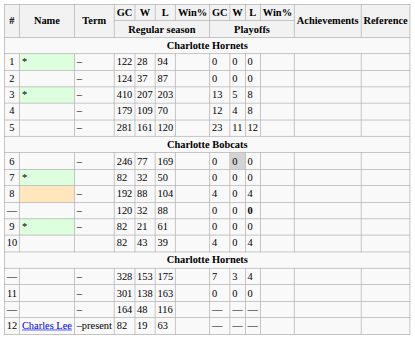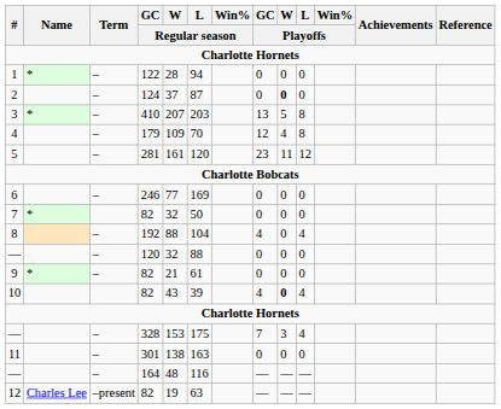 <table class="wikitable sortable">
 <tr>
 <th rowspan="2">#</th>
 <th rowspan="2">Name</th>
 <th rowspan="2">Term</th>
 <th>GC</th>
 <th>W</th>
 <th>L</th>
 <th>Win%</th>
 <th>GC</th>
 <th>W</th>
 <th>L</th>
 <th>Win%</th>
 <th rowspan="2" class=unsortable>Achievements</th>
 <th rowspan="2" class=unsortable>Reference</th>
 </tr>
 <tr class="unsortable">
 <th colspan="4">Regular season</th>
 <th colspan="4">Playoffs</th>
 </tr>
 <tr>
 <td align=center colspan="16"><strong>Charlotte Hornets</strong></td>
 </tr>
 <tr>
 <td align=center>1</td>
 <td style="background:#dfd;">*</td>
 <td>–</td>
 <td>122</td>
 <td>28</td>
 <td>94</td>
 <td></td>
 <td>0</td>
 <td>0</td>
 <td>0</td>
 <td></td>
 <td></td>
 <td align=center></td>
 </tr>
 <tr>
 <td align=center>2</td>
 <td></td>
 <td>–</td>
 <td>124</td>
 <td>37</td>
 <td>87</td>
 <td></td>
 <td>0</td>
-<td>0</td>
+<td><strong>0</strong></td>
 <td>0</td>
 <td></td>
 <td></td>
 <td align=center></td>
 </tr>
 <tr>
 <td align=center>3</td>
 <td style="background:#dfd;">*</td>
 <td>–</td>
 <td>410</td>
 <td>207</td>
 <td>203</td>
 <td></td>
 <td>13</td>
 <td>5</td>
 <td>8</td>
 <td></td>
 <td></td>
 <td align=center></td>
 </tr>
 <tr>
 <td align=center>4</td>
 <td></td>
 <td>–</td>
 <td>179</td>
 <td>109</td>
 <td>70</td>
 <td></td>
 <td>12</td>
 <td>4</td>
 <td>8</td>
 <td></td>
 <td></td>
 <td align=center></td>
 </tr>
 <tr>
 <td align=center>5</td>
 <td></td>
 <td>–</td>
 <td>281</td>
 <td>161</td>
 <td>120</td>
 <td></td>
 <td>23</td>
 <td>11</td>
 <td>12</td>
 <td></td>
 <td></td>
 <td align=center></td>
 </tr>
 <tr>
 <td align=center colspan="16"><strong>Charlotte Bobcats</strong></td>
 </tr>
 <tr>
 <td align=center>6</td>
 <td align=left></td>
 <td>–</td>
 <td>246</td>
 <td>77</td>
 <td>169</td>
 <td></td>
 <td>0</td>
-<td style="background: lightgrey;">0</td>
+<td>0</td>
 <td>0</td>
 <td></td>
 <td></td>
 <td align=center></td>
 </tr>
 <tr>
 <td align=center>7</td>
 <td style="text-align:left; background:#dfd;">*</td>
 <td></td>
 <td>82</td>
 <td>32</td>
 <td>50</td>
 <td></td>
 <td>0</td>
 <td>0</td>
 <td>0</td>
 <td></td>
 <td></td>
 <td align=center></td>
 </tr>
 <tr>
 <td align=center>8</td>
 <td style="text-align:left; background:#ffe6bd;"></td>
 <td>–</td>
 <td>192</td>
 <td>88</td>
 <td>104</td>
 <td></td>
 <td>4</td>
 <td>0</td>
 <td>4</td>
 <td></td>
 <td></td>
 <td align=center></td>
 </tr>
 <tr>
 <td align=center>—</td>
 <td align=left></td>
 <td>–</td>
 <td>120</td>
 <td>32</td>
 <td>88</td>
 <td></td>
 <td>0</td>
 <td>0</td>
-<td><strong>0</strong></td>
+<td>0</td>
 <td></td>
 <td></td>
 <td align=center></td>
 </tr>
 <tr>
 <td align=center>9</td>
 <td style="text-align:left; background:#dfd;">*</td>
 <td>–</td>
 <td>82</td>
 <td>21</td>
 <td>61</td>
 <td></td>
 <td>0</td>
 <td>0</td>
 <td>0</td>
 <td></td>
 <td></td>
 <td align=center></td>
 </tr>
 <tr>
 <td align=center>10</td>
 <td style="text-align:left;"></td>
 <td></td>
 <td>82</td>
 <td>43</td>
 <td>39</td>
 <td></td>
 <td>4</td>
-<td>0</td>
+<td><strong>0</strong></td>
 <td>4</td>
 <td></td>
 <td></td>
 <td align=center></td>
 </tr>
 <tr>
 <td align=center colspan="16"><strong>Charlotte Hornets</strong></td>
 </tr>
 <tr>
 <td align=center>—</td>
 <td style="text-align:left;"></td>
 <td>–</td>
 <td>328</td>
 <td>153</td>
 <td>175</td>
 <td></td>
 <td>7</td>
 <td>3</td>
 <td>4</td>
 <td></td>
 <td></td>
 <td align=center></td>
 </tr>
 <tr>
 <td align=center>11</td>
 <td style="text-align:left;"></td>
 <td>–</td>
 <td>301</td>
 <td>138</td>
 <td>163</td>
 <td></td>
 <td>0</td>
 <td>0</td>
 <td>0</td>
 <td></td>
 <td></td>
 <td align=center></td>
 </tr>
 <tr>
 <td align=center>—</td>
 <td style="text-align:left;"></td>
 <td>–</td>
 <td>164</td>
 <td>48</td>
 <td>116</td>
 <td></td>
 <td>—</td>
 <td>—</td>
 <td>—</td>
 <td></td>
 <td></td>
 <td align=center></td>
 </tr>
 <tr>
 <td align=center>12</td>
 <td style="text-align:left;"><a href='#'>Charles Lee</a></td>
 <td>–present</td>
 <td>82</td>
 <td>19</td>
 <td>63</td>
 <td></td>
 <td>—</td>
 <td>—</td>
 <td>—</td>
 <td></td>
 <td></td>
 <td align=center></td>
 </tr>
 </table>
